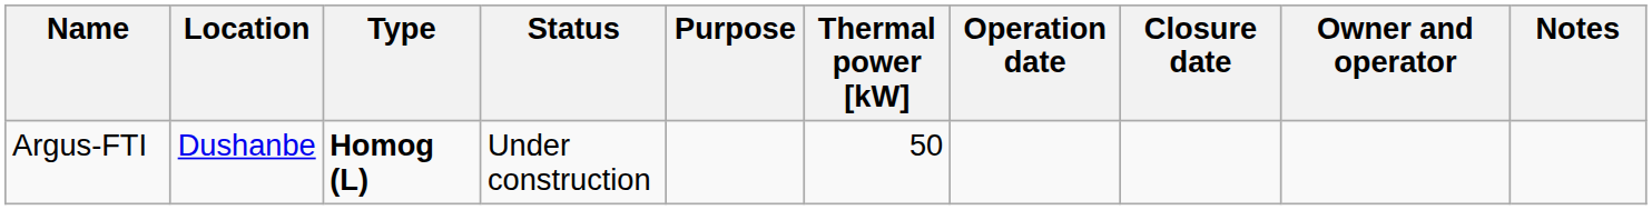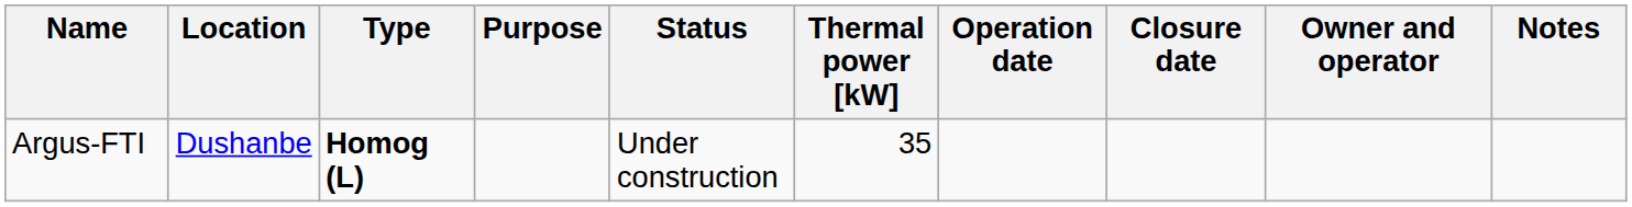 <table class="wikitable" >
 <tr valign="top">
 <th width="80">Name</th>
 <th width="65">Location</th>
 <th width="76">Type</th>
+<th width="65">Purpose</th>
 <th width="91">Status</th>
-<th width="65">Purpose</th>
 <th width="70“">Thermal power [kW]</th>
 <th width=„67“>Operation date</th>
 <th width="78“">Closure date</th>
 <th width="113“">Owner and operator</th>
 <th width="65">Notes</th>
 </tr>
 <tr valign="top">
 <td>Argus-FTI</td>
 <td><a href='#'>Dushanbe</a></td>
 <td><strong>Homog (L)</strong></td>
+<td></td>
 <td>Under construction</td>
-<td></td>
-<td align="right">50</td>
+<td align="right">35</td>
 <td> </td>
 <td></td>
 <td></td>
 <td></td>
 </tr>
 </table>
